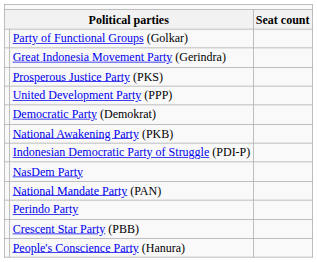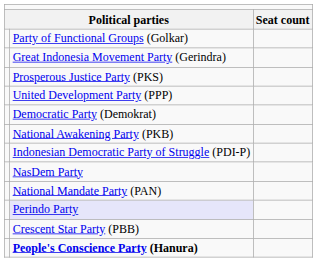 <table class="wikitable">
 <tr>
 <td colspan="4"></td>
 </tr>
 <tr>
 <th colspan="2">Political parties</th>
 <th>Seat count</th>
 </tr>
 <tr>
 <td bgcolor=></td>
 <td><a href='#'>Party of Functional Groups</a> (Golkar)</td>
 <td></td>
 </tr>
 <tr>
 <td bgcolor=></td>
 <td><a href='#'>Great Indonesia Movement Party</a> (Gerindra)</td>
 <td></td>
 </tr>
 <tr>
 <td bgcolor=></td>
 <td><a href='#'>Prosperous Justice Party</a> (PKS)</td>
 <td></td>
 </tr>
 <tr>
 <td bgcolor=></td>
 <td><a href='#'>United Development Party</a> (PPP)</td>
 <td></td>
 </tr>
 <tr>
 <td bgcolor=></td>
 <td><a href='#'>Democratic Party</a> (Demokrat)</td>
 <td></td>
 </tr>
 <tr>
 <td bgcolor=></td>
 <td><a href='#'>National Awakening Party</a> (PKB)</td>
 <td></td>
 </tr>
 <tr>
 <td bgcolor=></td>
 <td><a href='#'>Indonesian Democratic Party of Struggle</a> (PDI-P)</td>
 <td></td>
 </tr>
 <tr>
 <td bgcolor=></td>
 <td><a href='#'>NasDem Party</a></td>
 <td></td>
 </tr>
 <tr>
 <td bgcolor=></td>
 <td><a href='#'>National Mandate Party</a> (PAN)</td>
 <td></td>
 </tr>
 <tr>
 <td bgcolor=></td>
-<td><a href='#'>Perindo Party</a></td>
+<td style="background: lavender;"><a href='#'>Perindo Party</a></td>
 <td></td>
 </tr>
 <tr>
 <td bgcolor=></td>
 <td><a href='#'>Crescent Star Party</a> (PBB)</td>
 <td></td>
 </tr>
 <tr>
 <td bgcolor=></td>
-<td><a href='#'>People's Conscience Party</a> (Hanura)</td>
+<td><strong><a href='#'>People's Conscience Party</a> (Hanura)</strong></td>
 <td></td>
 </tr>
 </table>
